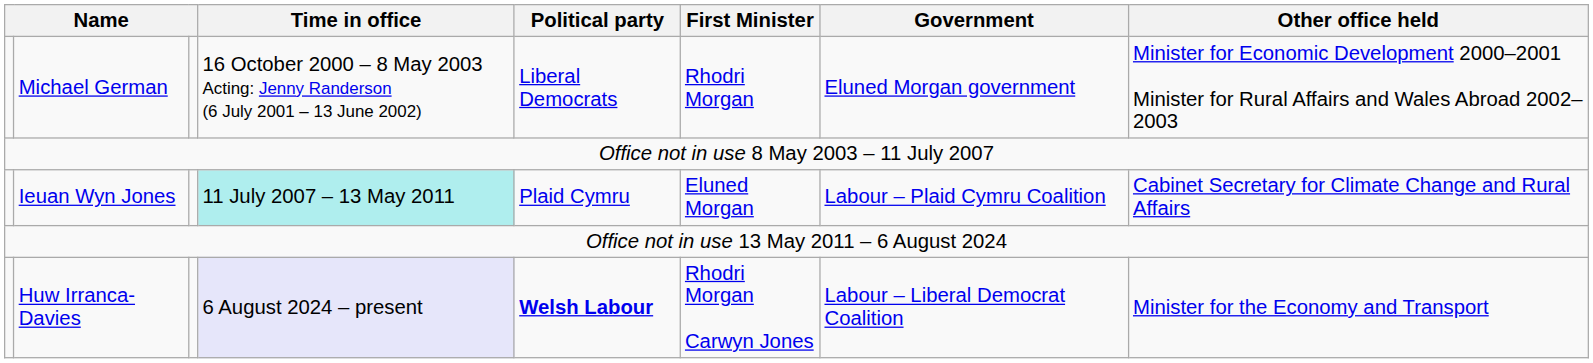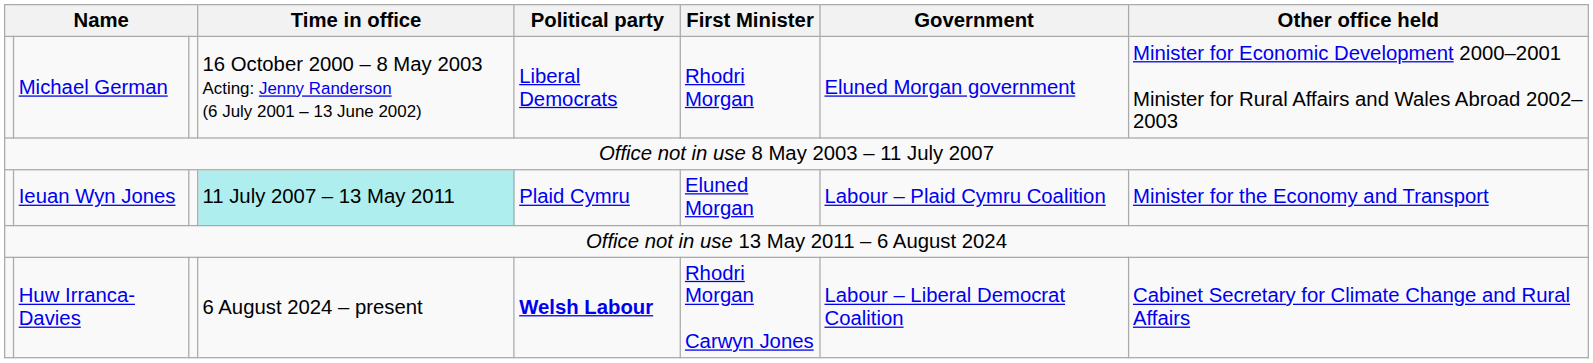 <table class="wikitable">
 <tr>
 <th colspan=3>Name</th>
 <th colspan="1" width=20%>Time in office</th>
 <th>Political party</th>
 <th>First Minister</th>
 <th>Government</th>
 <th>Other office held</th>
 </tr>
 <tr>
 <td style="background-color: "></td>
 <td><a href='#'>Michael German</a></td>
 <td></td>
 <td>16 October 2000 – 8 May 2003 <br><small> Acting: <a href='#'>Jenny Randerson</a><br>(6 July 2001 – 13 June 2002)</small></td>
 <td><a href='#'>Liberal Democrats</a></td>
 <td><a href='#'>Rhodri Morgan</a></td>
 <td><a href='#'>Eluned Morgan government</a></td>
 <td><a href='#'>Minister for Economic Development</a> 2000–2001 <br><br>Minister for Rural Affairs and Wales Abroad 2002–2003</td>
 </tr>
 <tr>
 <td colspan=8; style="text-align:center"><em>Office not in use</em> 8 May 2003 – 11 July 2007</td>
 </tr>
 <tr>
 <td style="background-color: "></td>
 <td><a href='#'>Ieuan Wyn Jones</a></td>
 <td></td>
 <td style="background: paleturquoise;">11 July 2007 – 13 May 2011</td>
 <td><a href='#'>Plaid Cymru</a></td>
 <td><a href='#'>Eluned Morgan</a></td>
 <td><a href='#'>Labour – Plaid Cymru Coalition</a></td>
-<td><a href='#'>Cabinet Secretary for Climate Change and Rural Affairs</a></td>
+<td><a href='#'>Minister for the Economy and Transport</a></td>
 </tr>
 <tr>
 <td colspan=8; style="text-align:center"><em>Office not in use</em> 13 May 2011 – 6 August 2024</td>
 </tr>
 <tr>
 <td style="background-color: "></td>
 <td><a href='#'>Huw Irranca-Davies </a></td>
 <td></td>
-<td style="background: lavender;">6 August 2024 – present</td>
+<td>6 August 2024 – present</td>
 <td><strong><a href='#'>Welsh Labour</a></strong></td>
 <td><a href='#'>Rhodri Morgan</a><br><br><a href='#'>Carwyn Jones</a></td>
 <td><a href='#'>Labour – Liberal Democrat Coalition</a></td>
-<td><a href='#'>Minister for the Economy and Transport</a></td>
+<td><a href='#'>Cabinet Secretary for Climate Change and Rural Affairs</a></td>
 </tr>
 </table>
